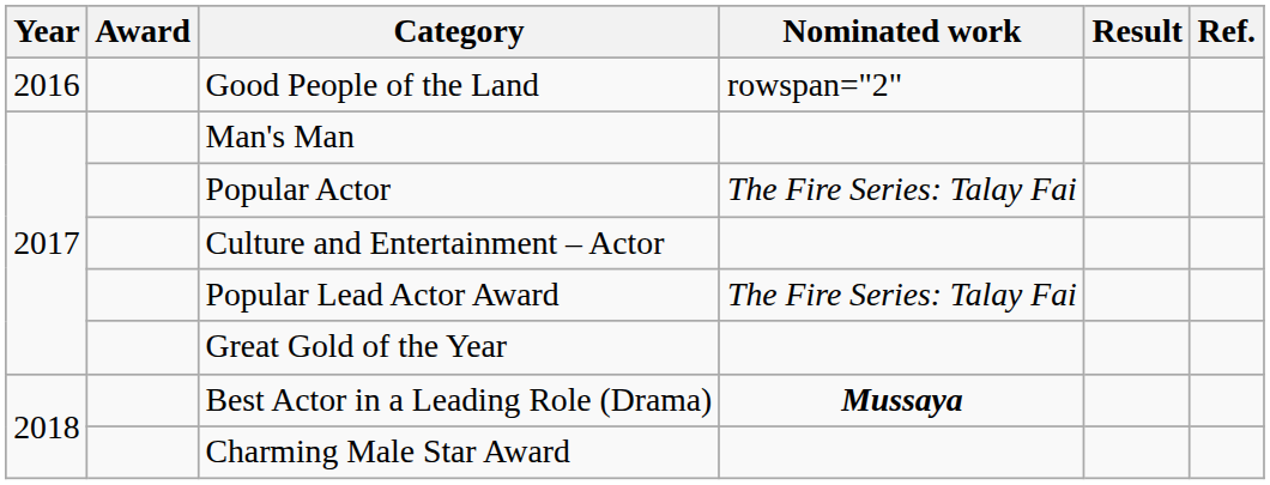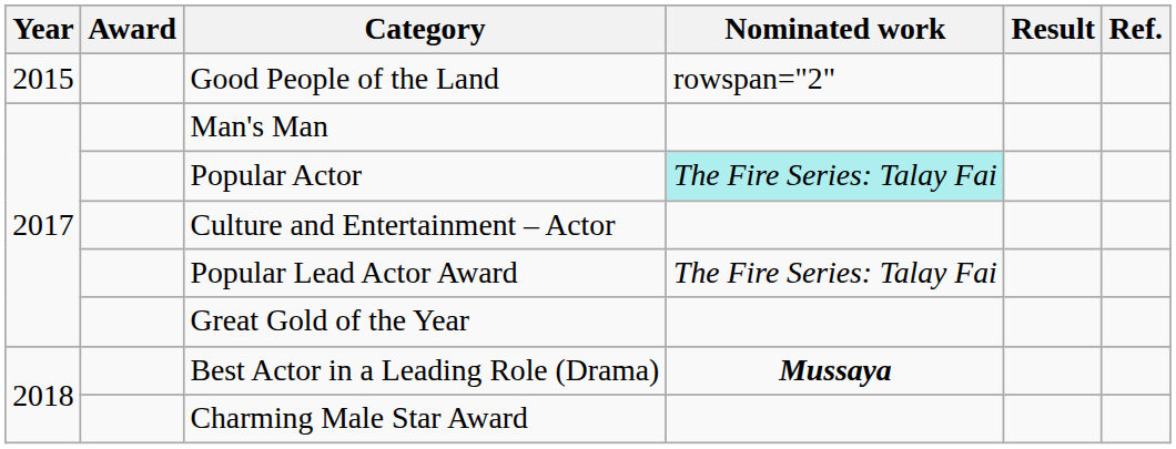 <table class="wikitable">
 <tr>
 <th>Year</th>
 <th>Award</th>
 <th>Category</th>
 <th>Nominated work</th>
 <th>Result</th>
 <th>Ref.</th>
 </tr>
 <tr>
-<td>2016</td>
+<td>2015</td>
 <td></td>
 <td>Good People of the Land</td>
 <td>rowspan="2" </td>
 <td></td>
 <td></td>
 </tr>
 <tr>
 <td rowspan="5">2017</td>
 <td></td>
 <td>Man's Man</td>
 <td></td>
 <td></td>
 </tr>
 <tr>
 <td></td>
 <td>Popular Actor</td>
-<td style="text-align:center;"><em>The Fire Series: Talay Fai</em></td>
+<td style="background: paleturquoise; text-align:center;"><em>The Fire Series: Talay Fai</em></td>
 <td></td>
 <td></td>
 </tr>
 <tr>
 <td></td>
 <td>Culture and Entertainment – Actor</td>
 <td></td>
 <td></td>
 <td></td>
 </tr>
 <tr>
 <td></td>
 <td>Popular Lead Actor Award</td>
 <td style="text-align:center;"><em>The Fire Series: Talay Fai</em></td>
 <td></td>
 <td></td>
 </tr>
 <tr>
 <td></td>
 <td>Great Gold of the Year</td>
 <td></td>
 <td></td>
 <td></td>
 </tr>
 <tr>
 <td rowspan="2">2018</td>
 <td></td>
 <td>Best Actor in a Leading Role (Drama)</td>
 <td style="text-align:center;"><strong><em>Mussaya</em></strong></td>
 <td></td>
 <td></td>
 </tr>
 <tr>
 <td></td>
 <td>Charming Male Star Award</td>
 <td></td>
 <td></td>
 <td></td>
 </tr>
 </table>
